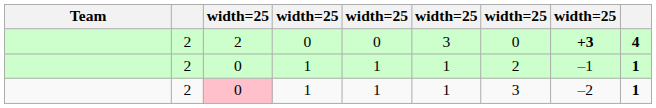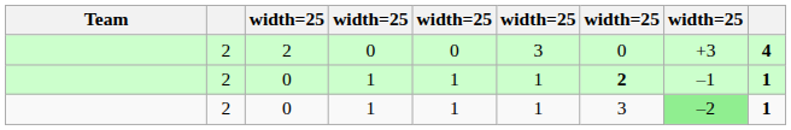 <table class="wikitable" style="text-align: center;">
 <tr>
 <th style="width:165px;">Team</th>
 <th width=25></th>
 <th>width=25</th>
 <th>width=25</th>
 <th>width=25</th>
 <th>width=25</th>
 <th>width=25</th>
 <th>width=25</th>
 <th width=25></th>
 </tr>
 <tr style="background:#cfc;">
 <td align="left"></td>
 <td>2</td>
 <td>2</td>
 <td>0</td>
 <td>0</td>
 <td>3</td>
 <td>0</td>
-<td><strong>+3</strong></td>
+<td>+3</td>
 <td><strong>4</strong></td>
 </tr>
 <tr style="background:#cfc;">
 <td align="left"></td>
 <td>2</td>
 <td>0</td>
 <td>1</td>
 <td>1</td>
 <td>1</td>
-<td>2</td>
+<td><strong>2</strong></td>
 <td>–1</td>
 <td><strong>1</strong></td>
 </tr>
 <tr>
 <td align="left"></td>
 <td>2</td>
-<td style="background: pink;">0</td>
+<td>0</td>
 <td>1</td>
 <td>1</td>
 <td>1</td>
 <td>3</td>
-<td>–2</td>
+<td style="background: lightgreen;">–2</td>
 <td><strong>1</strong></td>
 </tr>
 </table>
